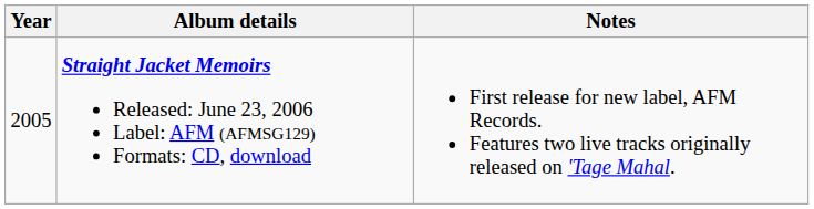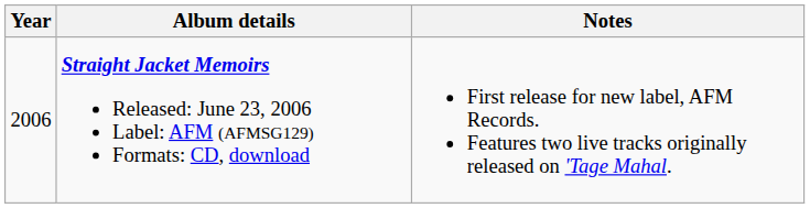 <table class="wikitable" border="1">
 <tr>
 <th width=33>Year</th>
 <th width=270>Album details</th>
 <th width=300>Notes</th>
 </tr>
 <tr>
-<td align=center>2005</td>
+<td align=center>2006</td>
 <td><strong><em><a href='#'>Straight Jacket Memoirs</a></em></strong><br><ul><li>Released: June 23, 2006</li><li>Label: <a href='#'>AFM</a> <small>(AFMSG129)</small></li><li>Formats: <a href='#'>CD</a>, <a href='#'>download</a></li></ul></td>
 <td><br><ul><li>First release for new label, AFM Records.</li><li>Features two live tracks originally released on <em><a href='#'>'Tage Mahal</a></em>.</li></ul></td>
 </tr>
 </table>
